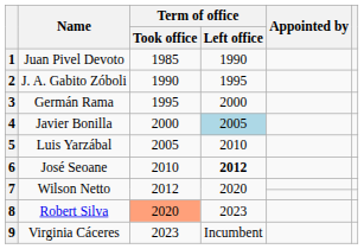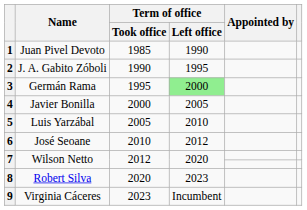 <table class="wikitable" style="text-align:center">
 <tr>
 <th rowspan="2"></th>
 <th rowspan="2">Name</th>
 <th colspan="2">Term of office</th>
 <th rowspan="2">Appointed by</th>
 <th rowspan="2"></th>
 </tr>
 <tr>
 <th>Took office</th>
 <th>Left office</th>
 </tr>
 <tr>
 <th>1</th>
 <td>Juan Pivel Devoto</td>
 <td>1985</td>
 <td>1990</td>
 <td></td>
 <td></td>
 </tr>
 <tr>
 <th>2</th>
 <td>J. A. Gabito Zóboli</td>
 <td>1990</td>
 <td>1995</td>
 <td></td>
 <td></td>
 </tr>
 <tr>
 <th>3</th>
 <td>Germán Rama</td>
 <td>1995</td>
-<td>2000</td>
+<td style="background: lightgreen;">2000</td>
 <td></td>
 <td></td>
 </tr>
 <tr>
 <th>4</th>
 <td>Javier Bonilla</td>
 <td>2000</td>
-<td style="background: lightblue;">2005</td>
+<td>2005</td>
 <td></td>
 <td></td>
 </tr>
 <tr>
 <th>5</th>
 <td>Luis Yarzábal</td>
 <td>2005</td>
 <td>2010</td>
 <td></td>
 <td></td>
 </tr>
 <tr>
 <th>6</th>
 <td>José Seoane</td>
 <td>2010</td>
-<td><strong>2012</strong></td>
+<td>2012</td>
 <td></td>
 <td></td>
 </tr>
 <tr>
 <th rowspan="2">7</th>
 <td rowspan="2">Wilson Netto</td>
 <td rowspan="2">2012</td>
 <td rowspan="2">2020</td>
 <td></td>
 <td></td>
 </tr>
 <tr>
 <td></td>
 <td></td>
 </tr>
 <tr>
 <th>8</th>
 <td><a href='#'>Robert Silva</a></td>
-<td style="background: lightsalmon;">2020</td>
+<td>2020</td>
 <td>2023</td>
 <td></td>
 <td></td>
 </tr>
 <tr>
 <th>9</th>
 <td>Virginia Cáceres</td>
 <td>2023</td>
 <td>Incumbent</td>
 <td></td>
 <td></td>
 </tr>
 </table>
